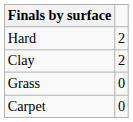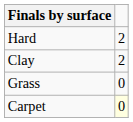 <table class="wikitable sortable mw-collapsible mw-collapsed">
 <tr>
 <th>Finals by surface</th>
 </tr>
 <tr>
 <td>Hard</td>
 <td align="center">2</td>
 </tr>
 <tr>
 <td>Clay</td>
 <td align="center">2</td>
 </tr>
 <tr>
 <td>Grass</td>
 <td align="center">0</td>
 </tr>
 <tr>
 <td>Carpet</td>
-<td align="center">0</td>
+<td align="center" style="background: lightyellow;">0</td>
 </tr>
 </table>
